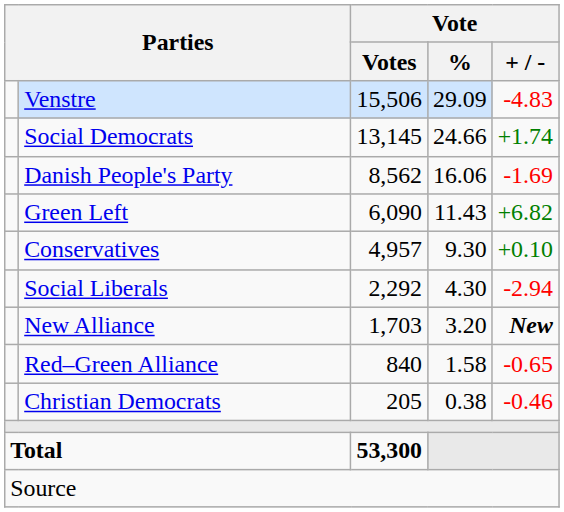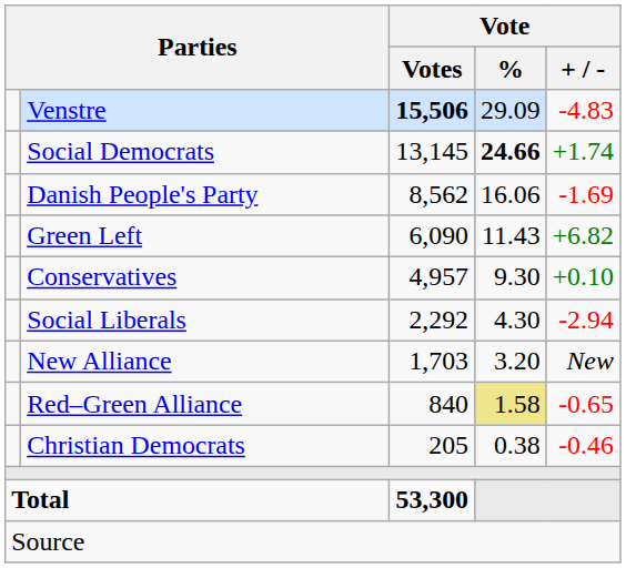 <table class="wikitable" style="text-align:right;">
 <tr>
 <th style="text-align:centre;" rowspan="2" colspan="2" width="225">Parties</th>
 <th colspan="3">Vote</th>
 </tr>
 <tr>
 <th width="15">Votes</th>
 <th width="15">%</th>
 <th width="15">+ / -</th>
 </tr>
 <tr>
 <td width="2" style="color:inherit;background:"></td>
 <td bgcolor=#cfe5fe  align="left"><a href='#'>Venstre</a></td>
-<td bgcolor=#cfe5fe>15,506</td>
+<td bgcolor=#cfe5fe><strong>15,506</strong></td>
 <td bgcolor=#cfe5fe>29.09</td>
 <td style=color:red;>-4.83</td>
 </tr>
 <tr>
 <td width="2" style="color:inherit;background:"></td>
 <td align="left"><a href='#'>Social Democrats</a></td>
 <td>13,145</td>
-<td>24.66</td>
+<td><strong>24.66</strong></td>
 <td style=color:green;>+1.74</td>
 </tr>
 <tr>
 <td width="2" style="color:inherit;background:"></td>
 <td align="left"><a href='#'>Danish People's Party</a></td>
 <td>8,562</td>
 <td>16.06</td>
 <td style=color:red;>-1.69</td>
 </tr>
 <tr>
 <td width="2" style="color:inherit;background:"></td>
 <td align="left"><a href='#'>Green Left</a></td>
 <td>6,090</td>
 <td>11.43</td>
 <td style=color:green;>+6.82</td>
 </tr>
 <tr>
 <td width="2" style="color:inherit;background:"></td>
 <td align="left"><a href='#'>Conservatives</a></td>
 <td>4,957</td>
 <td>9.30</td>
 <td style=color:green;>+0.10</td>
 </tr>
 <tr>
 <td width="2" style="color:inherit;background:"></td>
 <td align="left"><a href='#'>Social Liberals</a></td>
 <td>2,292</td>
 <td>4.30</td>
 <td style=color:red;>-2.94</td>
 </tr>
 <tr>
 <td width="2" style="color:inherit;background:"></td>
 <td align="left"><a href='#'>New Alliance</a></td>
 <td>1,703</td>
 <td>3.20</td>
-<td><strong><em>New</em></strong></td>
+<td><em>New</em></td>
 </tr>
 <tr>
 <td width="2" style="color:inherit;background:"></td>
 <td align="left"><a href='#'>Red–Green Alliance</a></td>
 <td>840</td>
-<td>1.58</td>
+<td style="background: khaki;">1.58</td>
 <td style=color:red;>-0.65</td>
 </tr>
 <tr>
 <td width="2" style="color:inherit;background:"></td>
 <td align="left"><a href='#'>Christian Democrats</a></td>
 <td>205</td>
 <td>0.38</td>
 <td style=color:red;>-0.46</td>
 </tr>
 <tr>
 <td colspan="7" bgcolor="#E9E9E9"></td>
 </tr>
 <tr>
 <td align="left" colspan="2"><strong>Total</strong></td>
 <td><strong>53,300</strong></td>
 <td bgcolor="#E9E9E9" colspan="2"></td>
 </tr>
 <tr>
 <td align="left" colspan="6">Source</td>
 </tr>
 </table>
